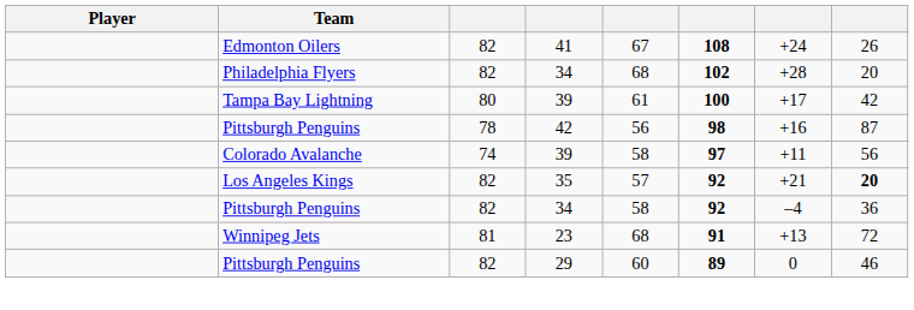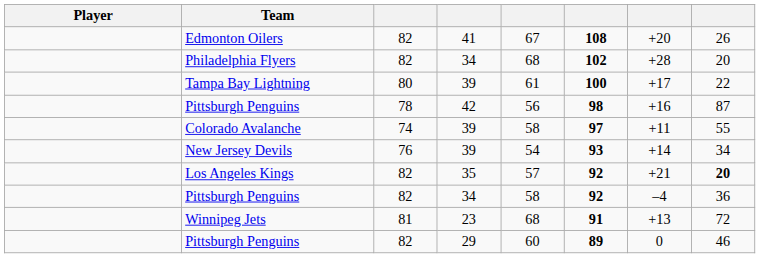 <table class="wikitable sortable">
 <tr>
 <th style="width: 12em;">Player</th>
 <th style="width: 13em;">Team</th>
 <th style="width: 4em;"></th>
 <th style="width: 4em;"></th>
 <th style="width: 4em;"></th>
 <th style="width: 4em;"></th>
 <th data-sort-type="number" style="width: 4em;"></th>
 <th style="width: 4em;"></th>
 </tr>
 <tr style="text-align:center;">
 <td style="text-align:left;"></td>
 <td style="text-align:left;"><a href='#'>Edmonton Oilers</a></td>
 <td>82</td>
 <td>41</td>
 <td>67</td>
 <td><strong>108</strong></td>
-<td>+24</td>
+<td>+20</td>
 <td>26</td>
 </tr>
 <tr style="text-align:center;">
 <td style="text-align:left;"></td>
 <td style="text-align:left;"><a href='#'>Philadelphia Flyers</a></td>
 <td>82</td>
 <td>34</td>
 <td>68</td>
 <td><strong>102</strong></td>
 <td>+28</td>
 <td>20</td>
 </tr>
 <tr style="text-align:center;">
 <td style="text-align:left;"></td>
 <td style="text-align:left;"><a href='#'>Tampa Bay Lightning</a></td>
 <td>80</td>
 <td>39</td>
 <td>61</td>
 <td><strong>100</strong></td>
 <td>+17</td>
-<td>42</td>
+<td>22</td>
 </tr>
 <tr style="text-align:center;">
 <td style="text-align:left;"></td>
 <td style="text-align:left;"><a href='#'>Pittsburgh Penguins</a></td>
 <td>78</td>
 <td>42</td>
 <td>56</td>
 <td><strong>98</strong></td>
 <td>+16</td>
 <td>87</td>
 </tr>
 <tr style="text-align:center;">
 <td style="text-align:left;"></td>
 <td style="text-align:left;"><a href='#'>Colorado Avalanche</a></td>
 <td>74</td>
 <td>39</td>
 <td>58</td>
 <td><strong>97</strong></td>
 <td>+11</td>
-<td>56</td>
+<td>55</td>
+</tr>
+<tr style="text-align:center;">
+<td style="text-align:left;"></td>
+<td style="text-align:left;"><a href='#'>New Jersey Devils</a></td>
+<td>76</td>
+<td>39</td>
+<td>54</td>
+<td><strong>93</strong></td>
+<td>+14</td>
+<td>34</td>
 </tr>
 <tr style="text-align:center;">
 <td style="text-align:left;"></td>
 <td style="text-align:left;"><a href='#'>Los Angeles Kings</a></td>
 <td>82</td>
 <td>35</td>
 <td>57</td>
 <td><strong>92</strong></td>
 <td>+21</td>
 <td><strong>20</strong></td>
 </tr>
 <tr style="text-align:center;">
 <td style="text-align:left;"></td>
 <td style="text-align:left;"><a href='#'>Pittsburgh Penguins</a></td>
 <td>82</td>
 <td>34</td>
 <td>58</td>
 <td><strong>92</strong></td>
 <td>–4</td>
 <td>36</td>
 </tr>
 <tr style="text-align:center;">
 <td style="text-align:left;"></td>
 <td style="text-align:left;"><a href='#'>Winnipeg Jets</a></td>
 <td>81</td>
 <td>23</td>
 <td>68</td>
 <td><strong>91</strong></td>
 <td>+13</td>
 <td>72</td>
 </tr>
 <tr style="text-align:center;">
 <td style="text-align:left;"></td>
 <td style="text-align:left;"><a href='#'>Pittsburgh Penguins</a></td>
 <td>82</td>
 <td>29</td>
 <td>60</td>
 <td><strong>89</strong></td>
 <td>0</td>
 <td>46</td>
 </tr>
 </table>
